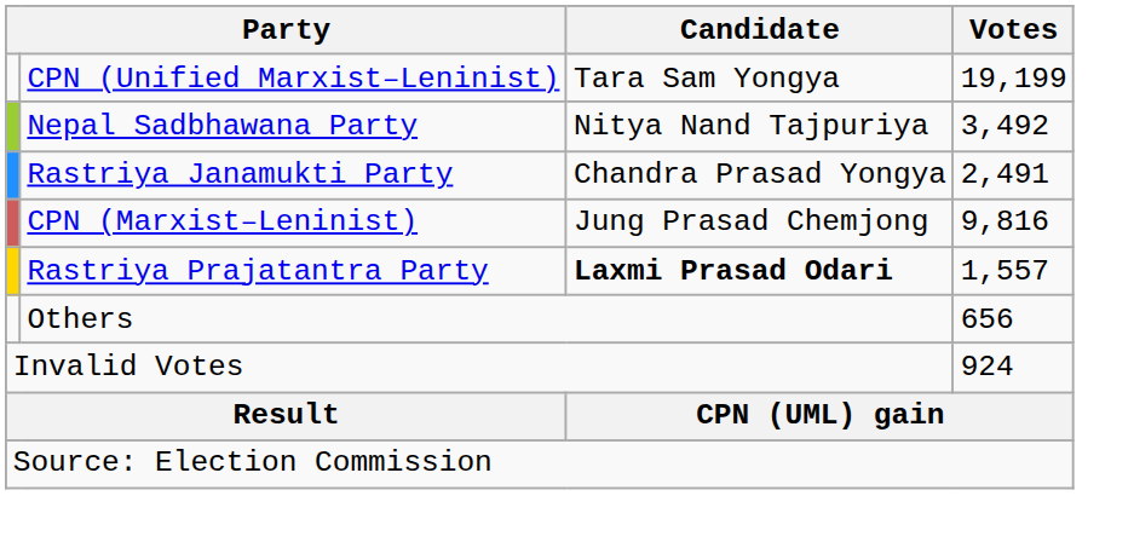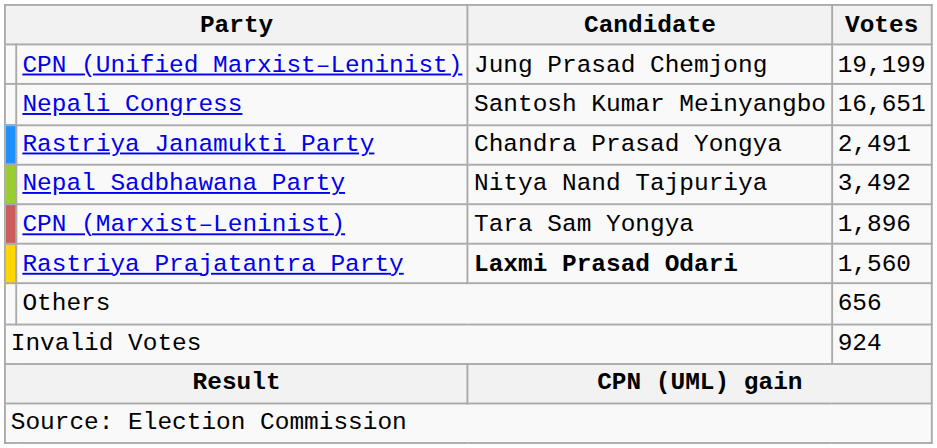 <table class="wikitable">
 <tr>
 <th colspan="2">Party</th>
 <th>Candidate</th>
 <th>Votes</th>
 </tr>
 <tr>
 <td style="background-color:"></td>
 <td><a href='#'>CPN (Unified Marxist–Leninist)</a></td>
-<td>Tara Sam Yongya</td>
+<td>Jung Prasad Chemjong</td>
 <td>19,199</td>
+</tr>
+<tr>
+<td style="background-color:"></td>
+<td><a href='#'>Nepali Congress</a></td>
+<td>Santosh Kumar Meinyangbo</td>
+<td>16,651</td>
+</tr>
+<tr>
+<td style="background-color:dodgerblue"></td>
+<td><a href='#'>Rastriya Janamukti Party</a></td>
+<td>Chandra Prasad Yongya</td>
+<td>2,491</td>
 </tr>
 <tr>
 <td style="background-color:yellowgreen"></td>
 <td><a href='#'>Nepal Sadbhawana Party</a></td>
 <td>Nitya Nand Tajpuriya</td>
 <td>3,492</td>
 </tr>
 <tr>
-<td style="background-color:dodgerblue"></td>
-<td><a href='#'>Rastriya Janamukti Party</a></td>
-<td>Chandra Prasad Yongya</td>
-<td>2,491</td>
-</tr>
-<tr>
 <td style="background-color:indianred"></td>
 <td><a href='#'>CPN (Marxist–Leninist)</a></td>
-<td>Jung Prasad Chemjong</td>
-<td>9,816</td>
+<td>Tara Sam Yongya</td>
+<td>1,896</td>
 </tr>
 <tr>
 <td style="background-color:gold"></td>
 <td><a href='#'>Rastriya Prajatantra Party</a></td>
 <td><strong>Laxmi Prasad Odari</strong></td>
-<td>1,557</td>
+<td>1,560</td>
 </tr>
 <tr>
 <td></td>
 <td colspan="2">Others</td>
 <td>656</td>
 </tr>
 <tr>
 <td colspan="3">Invalid Votes</td>
 <td>924</td>
 </tr>
 <tr>
 <th colspan="2">Result</th>
 <th colspan="2">CPN (UML) gain</th>
 </tr>
 <tr>
 <td colspan="4">Source: Election Commission</td>
 </tr>
 </table>
